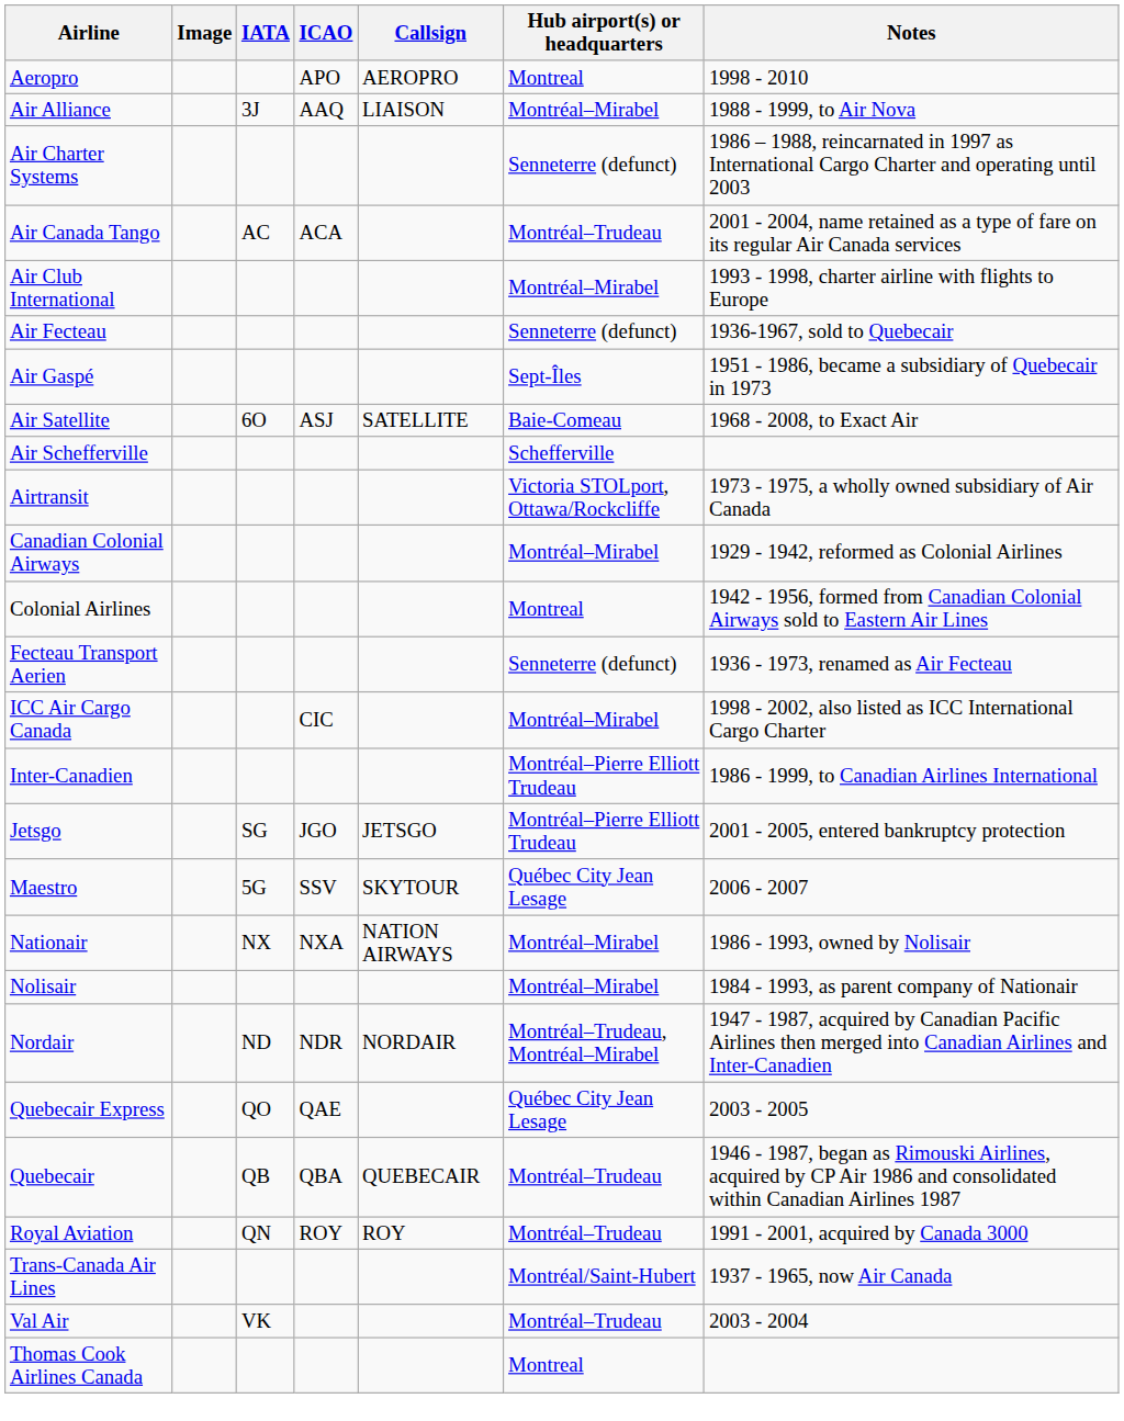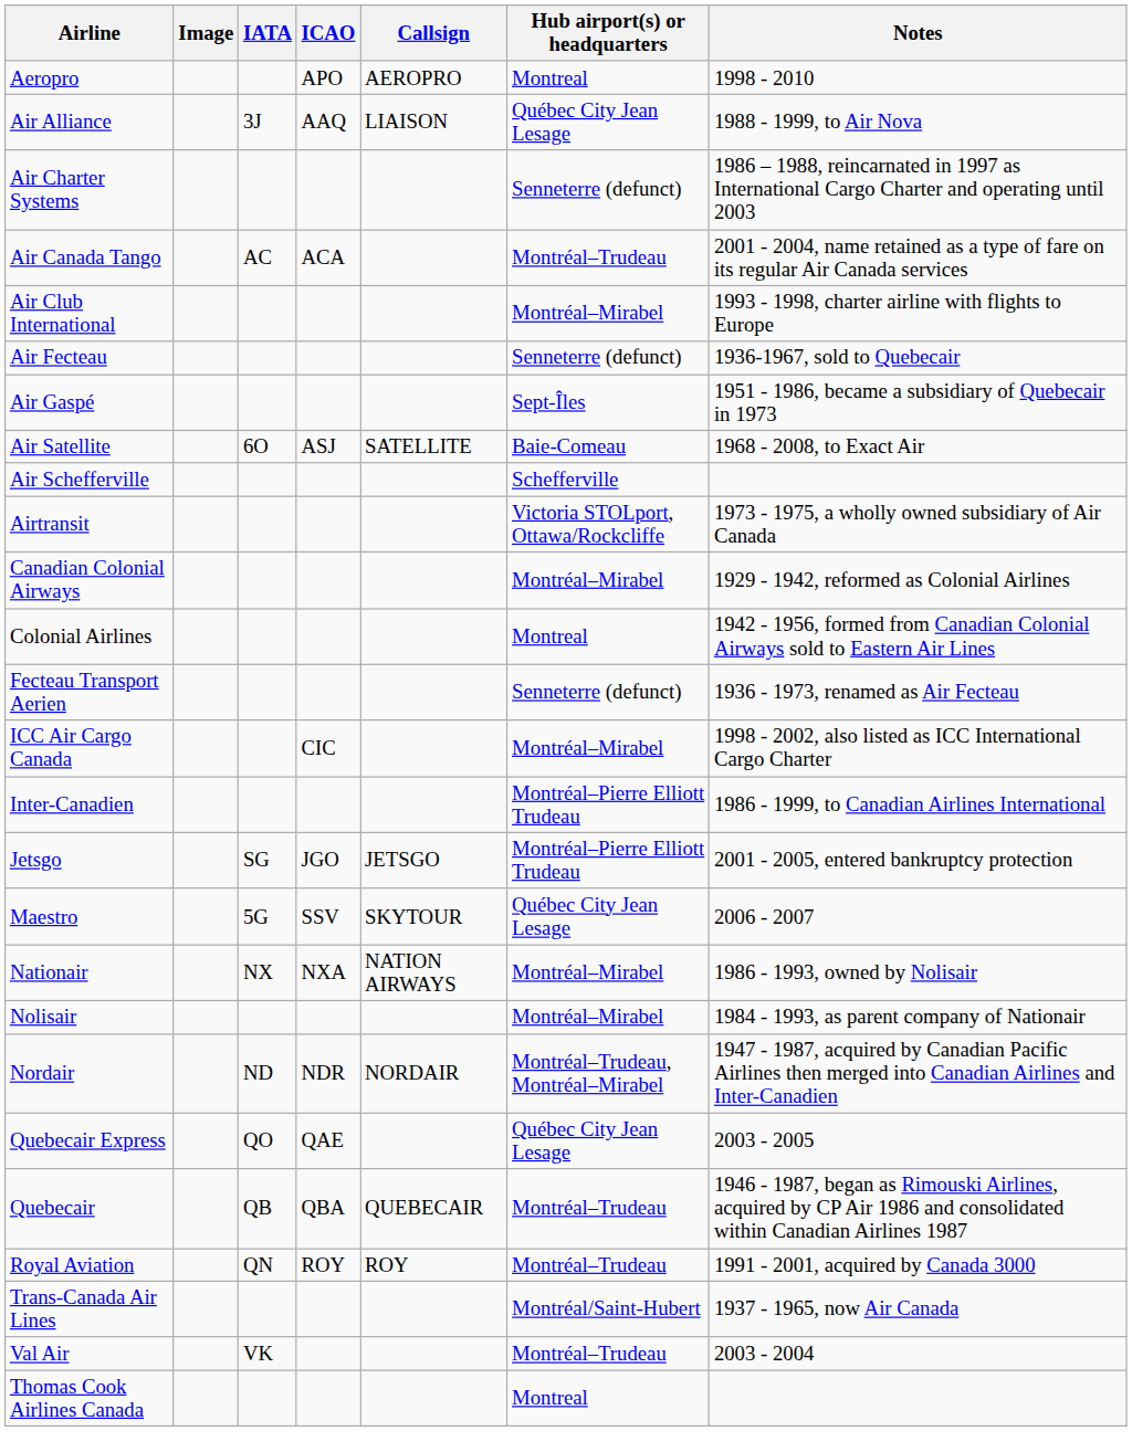 <table class="wikitable sortable" style="border: 0; cellpadding: 2; cellspacing: 3;">
 <tr style="vertical-align:middle;">
 <th>Airline</th>
 <th>Image</th>
 <th><a href='#'>IATA</a></th>
 <th><a href='#'>ICAO</a></th>
 <th><a href='#'>Callsign</a></th>
 <th>Hub airport(s) or<br>headquarters</th>
 <th class="unsortable">Notes</th>
 </tr>
 <tr>
 <td><a href='#'>Aeropro</a></td>
 <td></td>
 <td></td>
 <td>APO</td>
 <td>AEROPRO</td>
 <td><a href='#'>Montreal</a></td>
 <td>1998 - 2010</td>
 </tr>
 <tr>
 <td><a href='#'>Air Alliance</a></td>
 <td></td>
 <td>3J</td>
 <td>AAQ</td>
 <td>LIAISON</td>
-<td><a href='#'>Montréal–Mirabel</a></td>
+<td><a href='#'>Québec City Jean Lesage</a></td>
 <td>1988 - 1999, to <a href='#'>Air Nova</a></td>
 </tr>
 <tr>
 <td><a href='#'>Air Charter Systems</a></td>
 <td></td>
 <td></td>
 <td></td>
 <td></td>
 <td><a href='#'>Senneterre</a> (defunct)</td>
 <td>1986 – 1988, reincarnated in 1997 as International Cargo Charter and operating until 2003</td>
 </tr>
 <tr>
 <td><a href='#'>Air Canada Tango</a></td>
 <td></td>
 <td>AC</td>
 <td>ACA</td>
 <td></td>
 <td><a href='#'>Montréal–Trudeau</a></td>
 <td>2001 - 2004, name retained as a type of fare on its regular Air Canada services</td>
 </tr>
 <tr>
 <td><a href='#'>Air Club International</a></td>
 <td></td>
 <td></td>
 <td></td>
 <td></td>
 <td><a href='#'>Montréal–Mirabel</a></td>
 <td>1993 - 1998, charter airline with flights to Europe</td>
 </tr>
 <tr>
 <td><a href='#'>Air Fecteau</a></td>
 <td></td>
 <td></td>
 <td></td>
 <td></td>
 <td><a href='#'>Senneterre</a> (defunct)</td>
 <td>1936-1967, sold to <a href='#'>Quebecair</a></td>
 </tr>
 <tr>
 <td><a href='#'>Air Gaspé</a></td>
 <td></td>
 <td></td>
 <td></td>
 <td></td>
 <td><a href='#'>Sept-Îles</a></td>
 <td>1951 - 1986, became a subsidiary of <a href='#'>Quebecair</a> in 1973</td>
 </tr>
 <tr>
 <td><a href='#'>Air Satellite</a></td>
 <td></td>
 <td>6O</td>
 <td>ASJ</td>
 <td>SATELLITE</td>
 <td><a href='#'>Baie-Comeau</a></td>
 <td>1968 - 2008, to Exact Air</td>
 </tr>
 <tr>
 <td><a href='#'>Air Schefferville</a></td>
 <td></td>
 <td></td>
 <td></td>
 <td></td>
 <td><a href='#'>Schefferville</a></td>
 <td></td>
 </tr>
 <tr>
 <td><a href='#'>Airtransit</a></td>
 <td></td>
 <td></td>
 <td></td>
 <td></td>
 <td><a href='#'>Victoria STOLport</a>,<br><a href='#'>Ottawa/Rockcliffe</a></td>
 <td>1973 - 1975, a wholly owned subsidiary of Air Canada</td>
 </tr>
 <tr>
 <td><a href='#'>Canadian Colonial Airways</a></td>
 <td></td>
 <td></td>
 <td></td>
 <td></td>
 <td><a href='#'>Montréal–Mirabel</a></td>
 <td>1929 - 1942, reformed as Colonial Airlines</td>
 </tr>
 <tr>
 <td>Colonial Airlines</td>
 <td></td>
 <td></td>
 <td></td>
 <td></td>
 <td><a href='#'>Montreal</a></td>
 <td>1942 - 1956, formed from <a href='#'>Canadian Colonial Airways</a> sold to <a href='#'>Eastern Air Lines</a></td>
 </tr>
 <tr>
 <td><a href='#'>Fecteau Transport Aerien</a></td>
 <td></td>
 <td></td>
 <td></td>
 <td></td>
 <td><a href='#'>Senneterre</a> (defunct)</td>
 <td>1936 - 1973, renamed as <a href='#'>Air Fecteau</a></td>
 </tr>
 <tr>
 <td><a href='#'>ICC Air Cargo Canada</a></td>
 <td></td>
 <td></td>
 <td>CIC</td>
 <td></td>
 <td><a href='#'>Montréal–Mirabel</a></td>
 <td>1998 - 2002, also listed as ICC International Cargo Charter</td>
 </tr>
 <tr>
 <td><a href='#'>Inter-Canadien</a></td>
 <td></td>
 <td></td>
 <td></td>
 <td></td>
 <td><a href='#'>Montréal–Pierre Elliott Trudeau</a></td>
 <td>1986 - 1999, to <a href='#'>Canadian Airlines International</a></td>
 </tr>
 <tr>
 <td><a href='#'>Jetsgo</a></td>
 <td></td>
 <td>SG</td>
 <td>JGO</td>
 <td>JETSGO</td>
 <td><a href='#'>Montréal–Pierre Elliott Trudeau</a></td>
 <td>2001 - 2005, entered bankruptcy protection</td>
 </tr>
 <tr>
 <td><a href='#'>Maestro</a></td>
 <td></td>
 <td>5G</td>
 <td>SSV</td>
 <td>SKYTOUR</td>
 <td><a href='#'>Québec City Jean Lesage</a></td>
 <td>2006 - 2007</td>
 </tr>
 <tr>
 <td><a href='#'>Nationair</a></td>
 <td></td>
 <td>NX</td>
 <td>NXA</td>
 <td>NATION AIRWAYS</td>
 <td><a href='#'>Montréal–Mirabel</a></td>
 <td>1986 - 1993, owned by <a href='#'>Nolisair</a></td>
 </tr>
 <tr>
 <td><a href='#'>Nolisair</a></td>
 <td></td>
 <td></td>
 <td></td>
 <td></td>
 <td><a href='#'>Montréal–Mirabel</a></td>
 <td>1984 - 1993, as parent company of Nationair</td>
 </tr>
 <tr>
 <td><a href='#'>Nordair</a></td>
 <td></td>
 <td>ND</td>
 <td>NDR</td>
 <td>NORDAIR</td>
 <td><a href='#'>Montréal–Trudeau</a>,<br><a href='#'>Montréal–Mirabel</a></td>
 <td>1947 - 1987, acquired by Canadian Pacific Airlines then merged into <a href='#'>Canadian Airlines</a> and <a href='#'>Inter-Canadien</a></td>
 </tr>
 <tr>
 <td><a href='#'>Quebecair Express</a></td>
 <td></td>
 <td>QO</td>
 <td>QAE</td>
 <td></td>
 <td><a href='#'>Québec City Jean Lesage</a></td>
 <td>2003 - 2005</td>
 </tr>
 <tr>
 <td><a href='#'>Quebecair</a></td>
 <td></td>
 <td>QB</td>
 <td>QBA</td>
 <td>QUEBECAIR</td>
 <td><a href='#'>Montréal–Trudeau</a></td>
 <td>1946 - 1987, began as <a href='#'>Rimouski Airlines</a>, acquired by CP Air 1986 and consolidated within Canadian Airlines 1987</td>
 </tr>
 <tr>
 <td><a href='#'>Royal Aviation</a></td>
 <td></td>
 <td>QN</td>
 <td>ROY</td>
 <td>ROY</td>
 <td><a href='#'>Montréal–Trudeau</a></td>
 <td>1991 - 2001, acquired by <a href='#'>Canada 3000</a></td>
 </tr>
 <tr>
 <td><a href='#'>Trans-Canada Air Lines</a></td>
 <td></td>
 <td></td>
 <td></td>
 <td></td>
 <td><a href='#'>Montréal/Saint-Hubert</a></td>
 <td>1937 - 1965, now <a href='#'>Air Canada</a></td>
 </tr>
 <tr>
 <td><a href='#'>Val Air</a></td>
 <td></td>
 <td>VK</td>
 <td></td>
 <td></td>
 <td><a href='#'>Montréal–Trudeau</a></td>
 <td>2003 - 2004</td>
 </tr>
 <tr>
 <td><a href='#'>Thomas Cook Airlines Canada</a></td>
 <td></td>
 <td></td>
 <td></td>
 <td></td>
 <td><a href='#'>Montreal</a></td>
 <td></td>
 </tr>
 </table>
